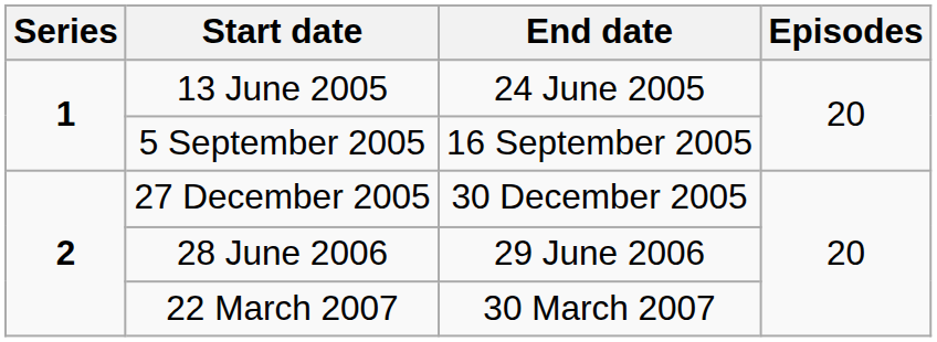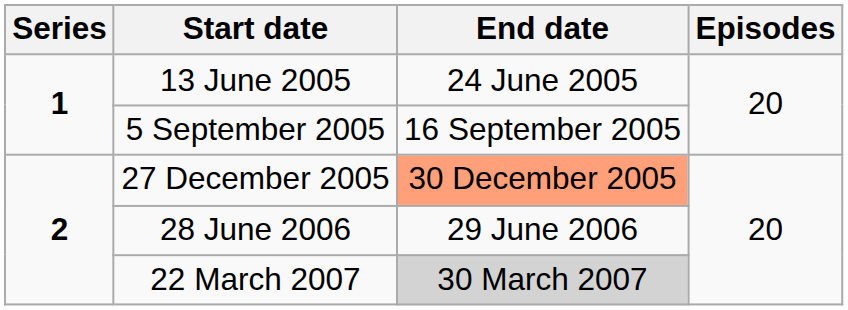 <table class="wikitable" style="text-align: center;">
 <tr>
 <th>Series</th>
 <th>Start date</th>
 <th>End date</th>
 <th>Episodes</th>
 </tr>
 <tr>
 <td rowspan="2"><strong>1</strong></td>
 <td>13 June 2005</td>
 <td>24 June 2005</td>
 <td rowspan="2">20</td>
 </tr>
 <tr>
 <td>5 September 2005</td>
 <td>16 September 2005</td>
 </tr>
 <tr>
 <td rowspan="3"><strong>2</strong></td>
 <td>27 December 2005</td>
-<td>30 December 2005</td>
+<td style="background: lightsalmon;">30 December 2005</td>
 <td rowspan="3">20</td>
 </tr>
 <tr>
 <td>28 June 2006</td>
 <td>29 June 2006</td>
 </tr>
 <tr>
 <td>22 March 2007</td>
-<td>30 March 2007</td>
+<td style="background: lightgrey;">30 March 2007</td>
 </tr>
 </table>
